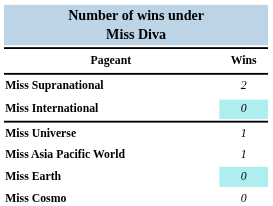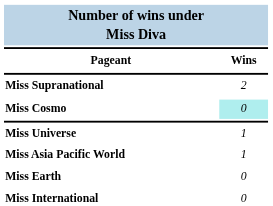 <table class="toccolours" style="width: 20em; float:right; margin-left:1em; font-size:80%; line-height:1.5em; width:23%;">
 <tr>
 <th colspan="2" align="center" style="background:#BCD4E6;"><big>Number of wins under<br>Miss Diva</big></th>
 </tr>
 <tr>
 <td colspan="2" style="background:black"></td>
 </tr>
 <tr>
 <th scope="col">Pageant</th>
 <th scope="col">Wins</th>
 </tr>
 <tr>
 <td colspan="2" style="background:black"></td>
 </tr>
 <tr>
 <td align="left"><strong>Miss Supranational</strong></td>
 <td align="center"><em>2</em></td>
 </tr>
 <tr>
 </tr>
 <tr>
-<td align="left"><strong>Miss International</strong></td>
+<td align="left"><strong>Miss Cosmo</strong></td>
 <td align="center" style="background: paleturquoise;"><em>0</em></td>
 </tr>
 <tr>
 <td colspan="2" style="background:black"></td>
 </tr>
 <tr>
 <td align="left"><strong>Miss Universe</strong></td>
 <td align="center"><em>1</em></td>
 </tr>
 <tr>
 <td align="left"><strong>Miss Asia Pacific World</strong></td>
 <td align="center"><em>1</em></td>
 </tr>
 <tr>
 <td align="left"><strong>Miss Earth</strong></td>
-<td align="center" style="background: paleturquoise;"><em>0</em></td>
+<td align="center"><em>0</em></td>
 </tr>
 <tr>
-<td align="left"><strong>Miss Cosmo</strong></td>
+<td align="left"><strong>Miss International</strong></td>
 <td align="center"><em>0</em></td>
 </tr>
 <tr>
 </tr>
 </table>
